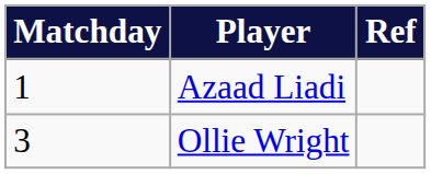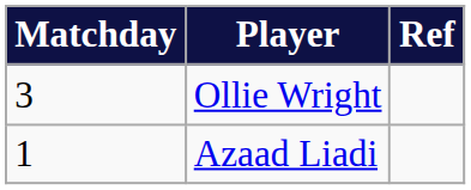 <table class=wikitable>
 <tr>
 <th style="background:#0E1145; color:#FFFFFF;">Matchday</th>
 <th style="background:#0E1145; color:#FFFFFF;">Player</th>
 <th style="background:#0E1145; color:#FFFFFF;">Ref</th>
 </tr>
 <tr>
+<td>3</td>
+<td> <a href='#'>Ollie Wright</a></td>
+<td align=center></td>
+</tr>
+<tr>
 <td>1</td>
 <td> <a href='#'>Azaad Liadi</a></td>
 <td align=center></td>
 </tr>
-<tr>
-<td>3</td>
-<td> <a href='#'>Ollie Wright</a></td>
-<td align=center></td>
-</tr>
 </table>
